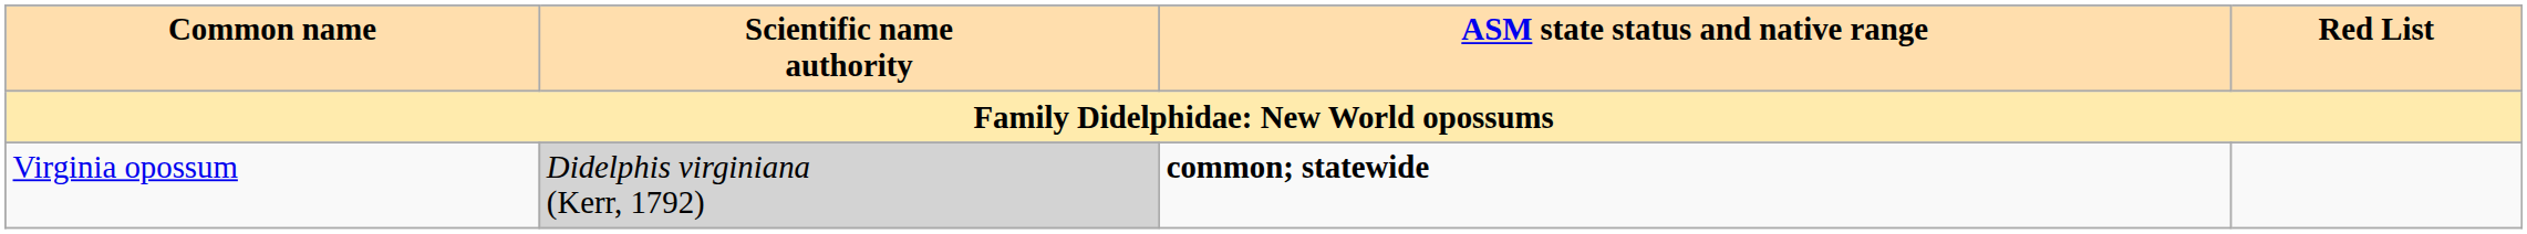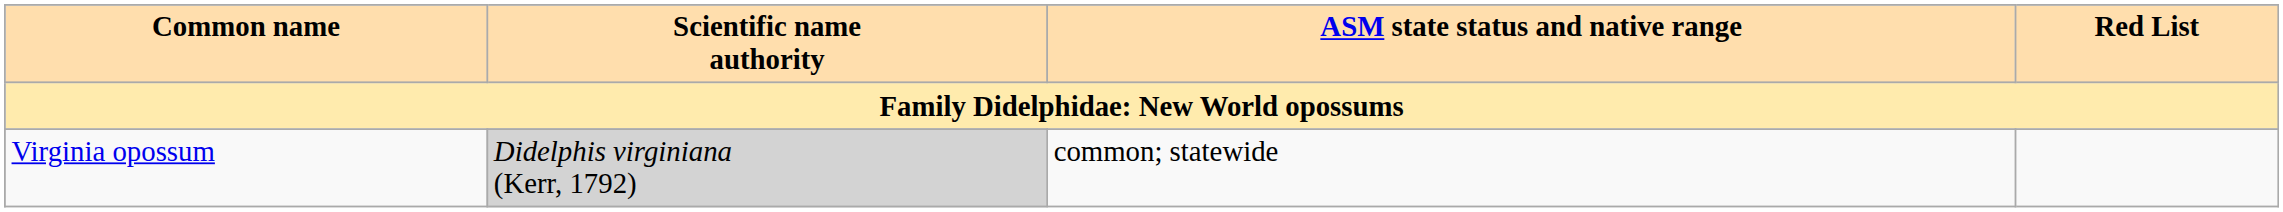 <table class="wikitable" style="width:100%; text-align:left;">
 <tr valign="top">
 <th style=background:navajowhite>Common name<br></th>
 <th style=background:navajowhite>Scientific name<br>authority</th>
 <th style=background:navajowhite><a href='#'>ASM</a> state status and native range</th>
 <th style=background:navajowhite>Red List</th>
 </tr>
 <tr>
 <td style="text-align:center;" bgcolor="#ffebad" colspan=5><strong>Family Didelphidae: New World opossums</strong></td>
 </tr>
 <tr valign="top">
 <td><a href='#'>Virginia opossum</a><br></td>
 <td style="background: lightgrey;"><em>Didelphis virginiana</em><br>(Kerr, 1792)</td>
-<td><strong>common; statewide</strong></td>
+<td>common; statewide</td>
 <td><br></td>
 </tr>
 </table>
